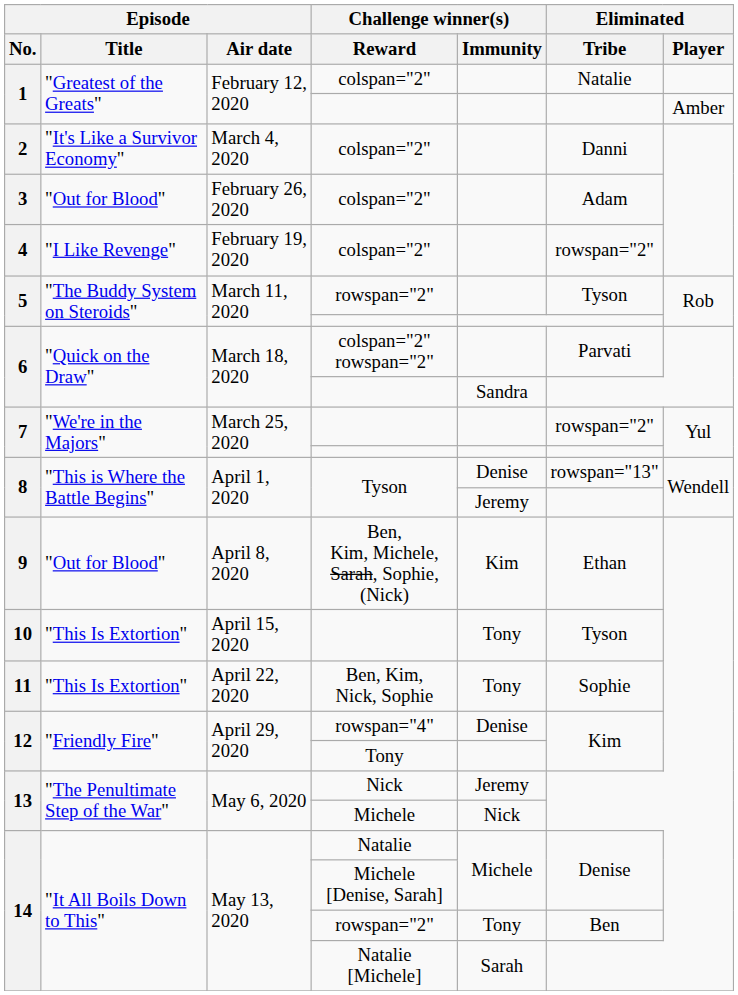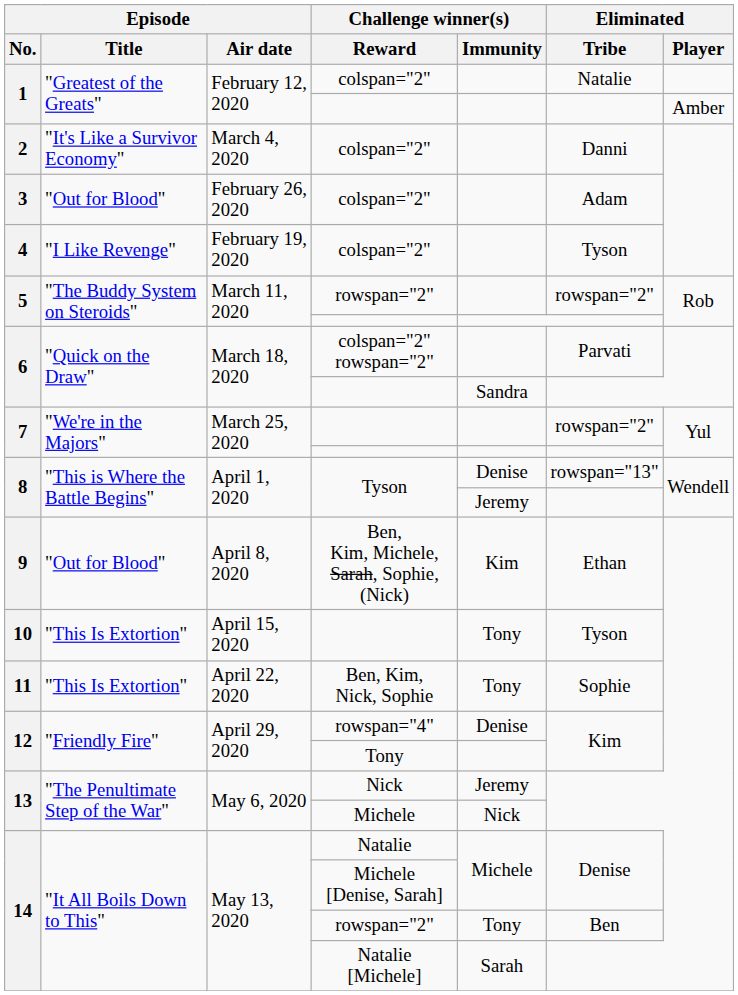 <table class="wikitable plainrowheaders nowrap" style="margin:auto; text-align:center">
 <tr>
 <th scope="col" colspan="3">Episode</th>
 <th scope="col" colspan="2">Challenge winner(s)</th>
 <th scope="col" colspan="2">Eliminated</th>
 </tr>
 <tr>
 <th scope="col">No.</th>
 <th scope="col">Title</th>
 <th scope="col">Air date</th>
 <th scope="col">Reward</th>
 <th scope="col">Immunity</th>
 <th scope="col">Tribe</th>
 <th scope="col">Player</th>
 </tr>
 <tr>
 <th rowspan="2">1</th>
 <td rowspan="2" align="left">"<a href='#'>Greatest of the Greats</a>"</td>
 <td rowspan="2" align="left">February 12, 2020</td>
 <td>colspan="2" </td>
 <td></td>
 <td>Natalie</td>
 </tr>
 <tr>
 <td></td>
 <td></td>
 <td></td>
 <td>Amber</td>
 </tr>
 <tr>
 <th>2</th>
 <td align="left">"<a href='#'>It's Like a Survivor Economy</a>"</td>
 <td align="left">March 4, 2020</td>
 <td>colspan="2" </td>
 <td></td>
 <td>Danni</td>
 </tr>
 <tr>
 <th>3</th>
 <td align="left">"<a href='#'>Out for Blood</a>"</td>
 <td align="left">February 26, 2020</td>
 <td>colspan="2" </td>
 <td></td>
 <td>Adam</td>
 </tr>
 <tr>
 <th>4</th>
 <td align="left">"<a href='#'>I Like Revenge</a>"</td>
 <td align="left">February 19, 2020</td>
 <td>colspan="2" </td>
 <td></td>
-<td>rowspan="2" </td>
+<td>Tyson</td>
 </tr>
 <tr>
 <th rowspan="2">5</th>
 <td rowspan="2" align="left">"<a href='#'>The Buddy System on Steroids</a>"</td>
 <td rowspan="2" align="left">March 11, 2020</td>
 <td>rowspan="2" </td>
 <td></td>
-<td>Tyson</td>
+<td>rowspan="2" </td>
 <td rowspan="2">Rob</td>
 </tr>
 <tr>
 <td></td>
 </tr>
 <tr>
 <th rowspan="2">6</th>
 <td rowspan="2" align="left">"<a href='#'>Quick on the Draw</a>"</td>
 <td rowspan="2" align="left">March 18, 2020</td>
 <td>colspan="2" rowspan="2" </td>
 <td></td>
 <td>Parvati</td>
 </tr>
 <tr>
 <td></td>
 <td>Sandra</td>
 </tr>
 <tr>
 <th rowspan="2">7</th>
 <td rowspan="2" align="left">"<a href='#'>We're in the Majors</a>"</td>
 <td rowspan="2" align="left">March 25, 2020</td>
 <td></td>
 <td></td>
 <td>rowspan="2" </td>
 <td rowspan="2">Yul</td>
 </tr>
 <tr>
 <td></td>
 <td></td>
 </tr>
 <tr>
 <th rowspan="2">8</th>
 <td rowspan="2" align="left">"<a href='#'>This is Where the Battle Begins</a>"</td>
 <td rowspan="2" align="left">April 1, 2020</td>
 <td rowspan="2">Tyson</td>
 <td>Denise</td>
 <td>rowspan="13" </td>
 <td rowspan=2>Wendell</td>
 </tr>
 <tr>
 <td>Jeremy</td>
 </tr>
 <tr>
 <th>9</th>
 <td align="left">"<a href='#'>Out for Blood</a>"</td>
 <td align="left">April 8, 2020</td>
 <td>Ben,<br>Kim, Michele,<br><s>Sarah</s>, Sophie,<br>(Nick)</td>
 <td>Kim</td>
 <td>Ethan</td>
 </tr>
 <tr>
 <th>10</th>
 <td align="left">"<a href='#'>This Is Extortion</a>"</td>
 <td align="left">April 15, 2020</td>
 <td></td>
 <td>Tony</td>
 <td>Tyson</td>
 </tr>
 <tr>
 <th>11</th>
 <td align="left">"<a href='#'>This Is Extortion</a>"</td>
 <td align="left">April 22, 2020</td>
 <td>Ben, Kim,<br>Nick, Sophie</td>
 <td>Tony</td>
 <td>Sophie</td>
 </tr>
 <tr>
 <th rowspan="2">12</th>
 <td rowspan="2" align="left">"<a href='#'>Friendly Fire</a>"</td>
 <td rowspan="2" align="left">April 29, 2020</td>
 <td>rowspan="4" </td>
 <td>Denise</td>
 <td rowspan="2">Kim</td>
 </tr>
 <tr>
 <td>Tony</td>
 </tr>
 <tr>
 <th rowspan="2">13</th>
 <td rowspan="2" align="left">"<a href='#'>The Penultimate Step of the War</a>"</td>
 <td rowspan="2" align="left">May 6, 2020</td>
 <td>Nick</td>
 <td>Jeremy</td>
 </tr>
 <tr>
 <td>Michele</td>
 <td>Nick</td>
 </tr>
 <tr>
 <th rowspan="4">14</th>
 <td rowspan="4" align="left">"<a href='#'>It All Boils Down to This</a>"</td>
 <td rowspan="4" align="left">May 13, 2020</td>
 <td>Natalie</td>
 <td rowspan="2">Michele</td>
 <td rowspan="2">Denise</td>
 </tr>
 <tr>
 <td>Michele<br>[Denise, Sarah]</td>
 </tr>
 <tr>
 <td>rowspan="2" </td>
 <td>Tony</td>
 <td>Ben</td>
 </tr>
 <tr>
 <td>Natalie<br>[Michele]</td>
 <td>Sarah</td>
 </tr>
 </table>
